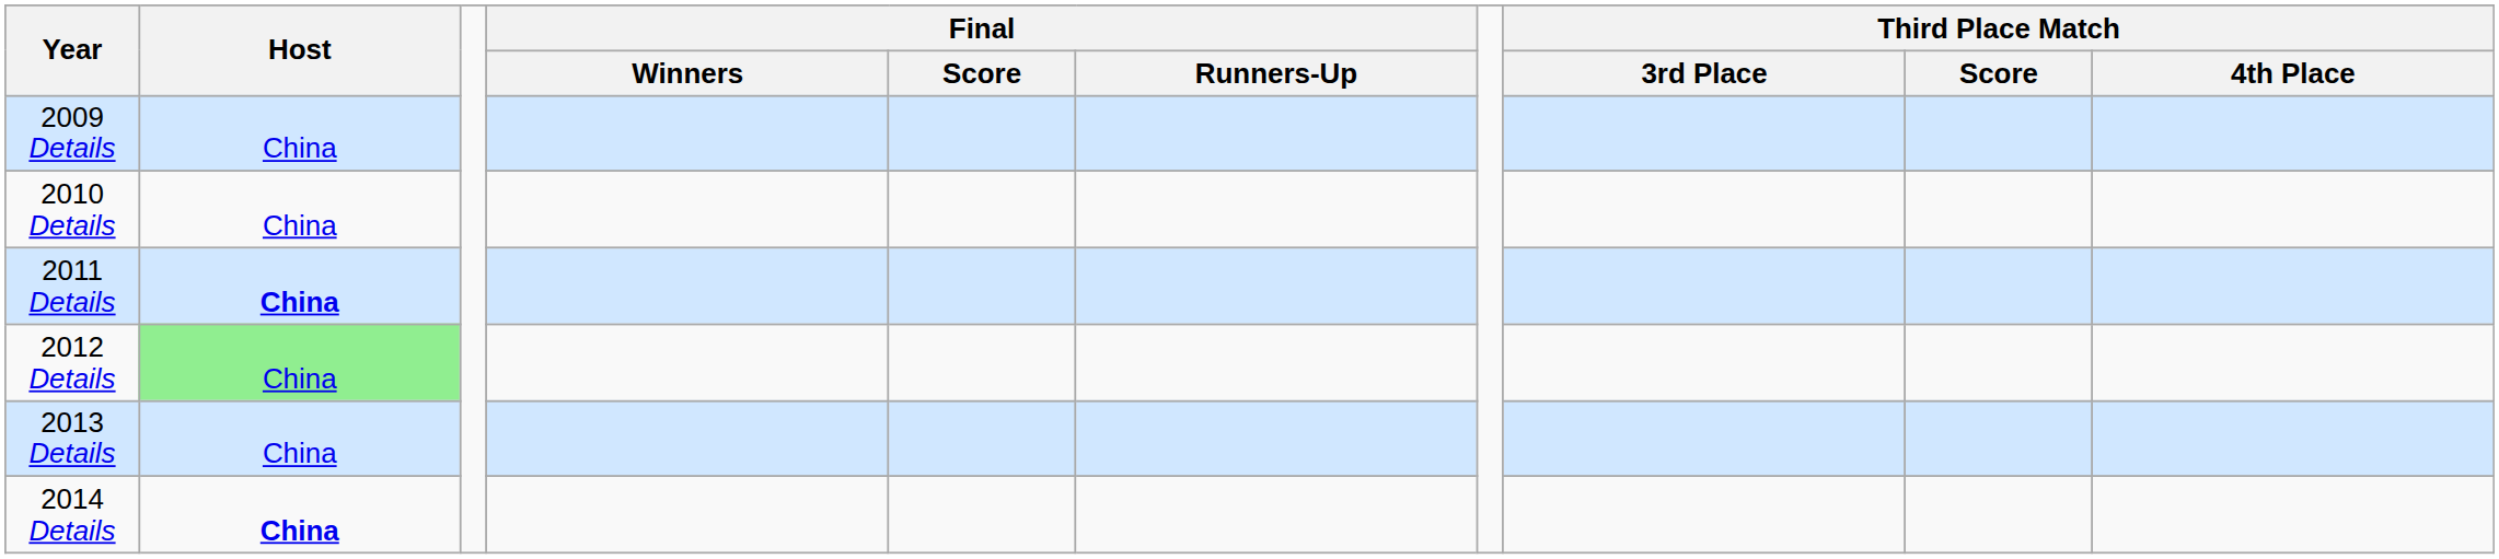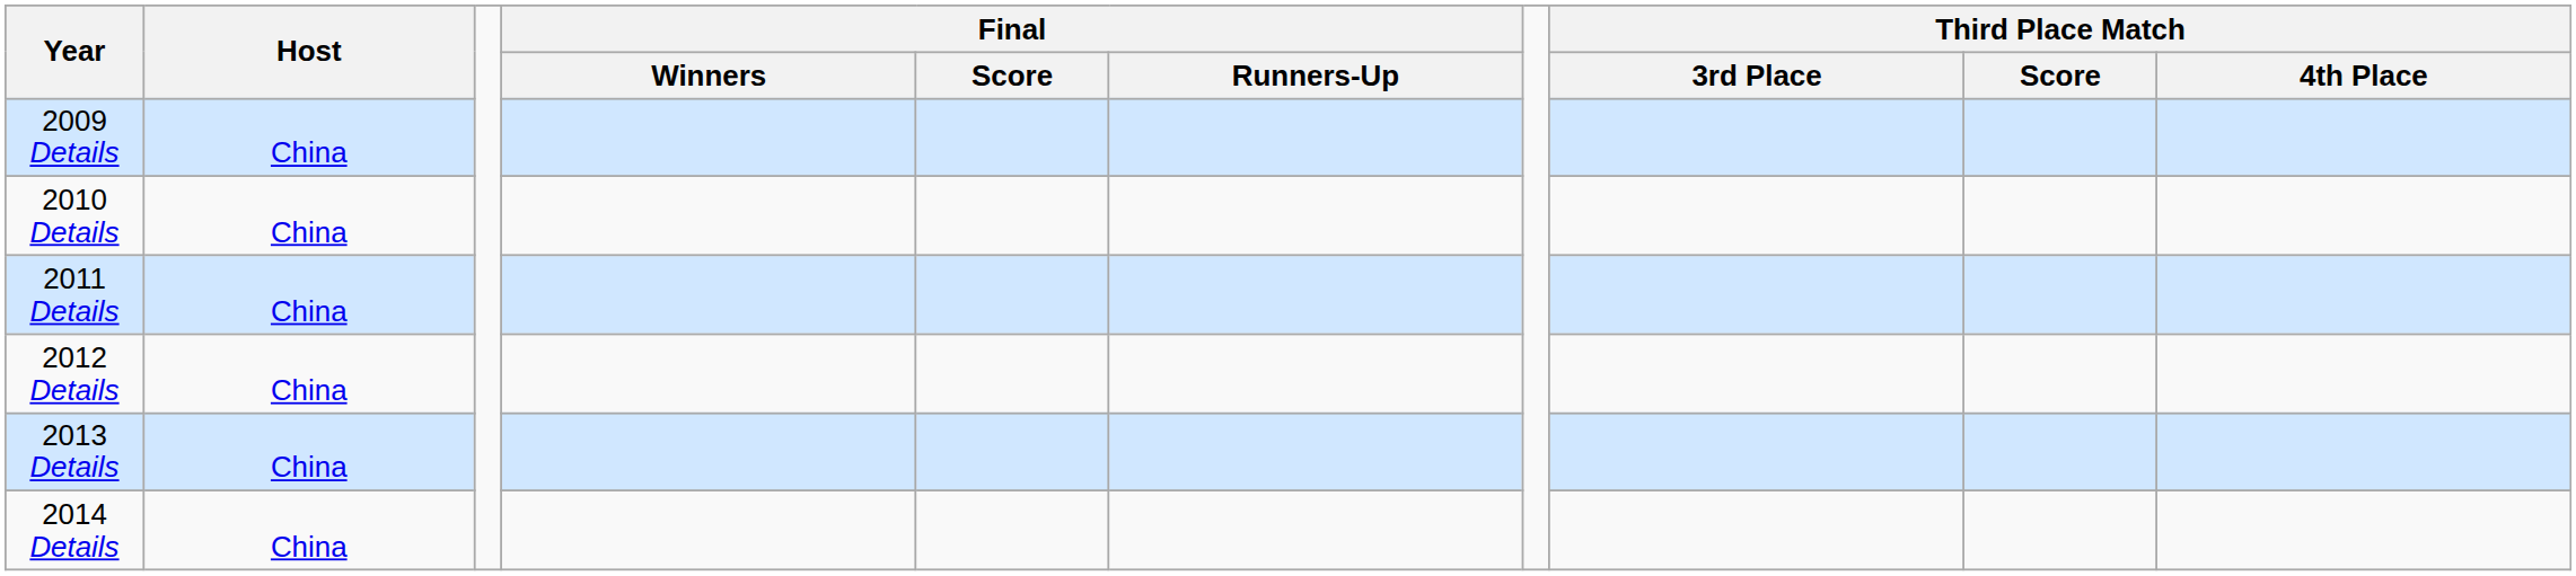 <table class="wikitable" style="font-size:90%; width: 100%; text-align: center;">
 <tr>
 <th rowspan="2" style="width:5%;">Year</th>
 <th rowspan="2" style="width:12%;">Host</th>
 <td style="width:1%;" rowspan="8"></td>
 <th colspan=3>Final</th>
 <td style="width:1%;" rowspan="8"></td>
 <th colspan=3>Third Place Match</th>
 </tr>
 <tr>
 <th width=15%>Winners</th>
 <th width=7%>Score</th>
 <th width=15%>Runners-Up</th>
 <th width=15%>3rd Place</th>
 <th width=7%>Score</th>
 <th width=15%>4th Place</th>
 </tr>
 <tr style="background:#d0e7ff;">
 <td>2009<br><em><a href='#'>Details</a></em></td>
 <td> <br> <a href='#'>China</a></td>
 <td><strong></strong></td>
 <td></td>
 <td></td>
 <td></td>
 <td></td>
 <td></td>
 </tr>
 <tr>
 <td>2010<br><em><a href='#'>Details</a></em></td>
 <td> <br> <a href='#'>China</a></td>
 <td><strong></strong></td>
 <td></td>
 <td></td>
 <td></td>
 <td></td>
 <td></td>
 </tr>
 <tr style="background:#d0e7ff;">
 <td>2011<br><em><a href='#'>Details</a></em></td>
-<td><strong> <br> <a href='#'>China</a></strong></td>
+<td> <br> <a href='#'>China</a></td>
 <td><strong></strong></td>
 <td></td>
 <td></td>
 <td></td>
 <td></td>
 <td></td>
 </tr>
 <tr>
 <td>2012<br><em><a href='#'>Details</a></em></td>
-<td style="background: lightgreen;"> <br> <a href='#'>China</a></td>
+<td> <br> <a href='#'>China</a></td>
 <td><strong></strong></td>
 <td></td>
 <td></td>
 <td></td>
 <td></td>
 <td></td>
 </tr>
 <tr style="background:#d0e7ff;">
 <td>2013<br><em><a href='#'>Details</a></em></td>
 <td> <br> <a href='#'>China</a></td>
 <td><strong></strong></td>
 <td></td>
 <td></td>
 <td></td>
 <td></td>
 <td></td>
 </tr>
 <tr>
 <td>2014<br><em><a href='#'>Details</a></em></td>
-<td><strong> <br> <a href='#'>China</a></strong></td>
+<td> <br> <a href='#'>China</a></td>
 <td><strong></strong></td>
 <td></td>
 <td></td>
 <td></td>
 <td></td>
 <td></td>
 </tr>
 </table>
